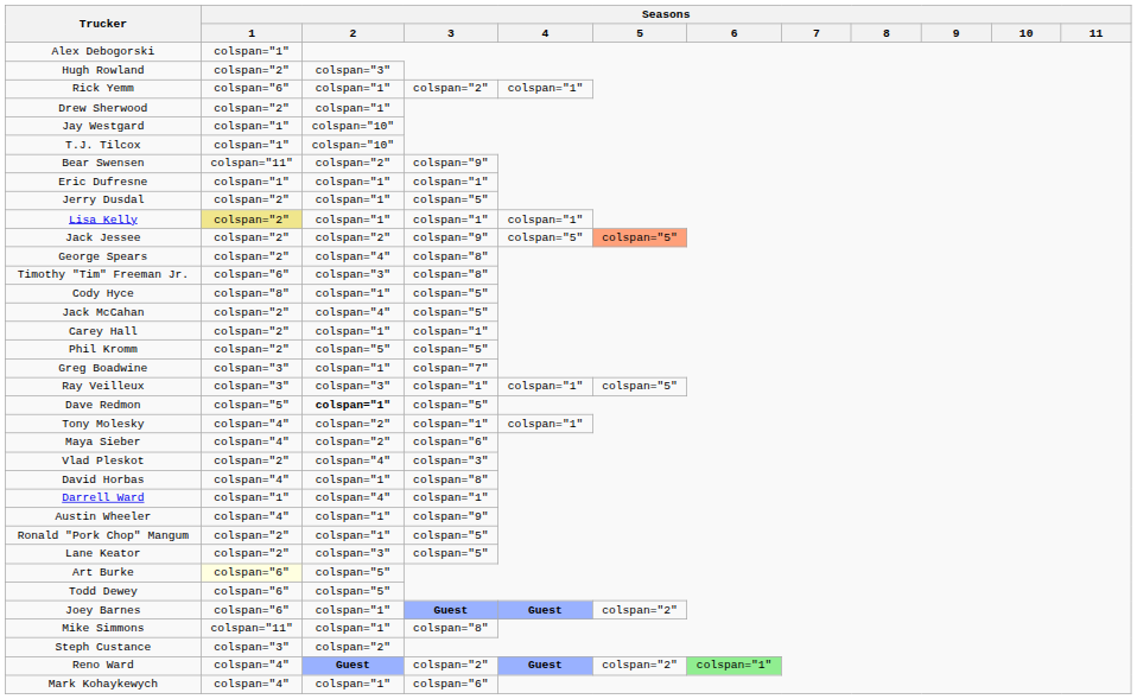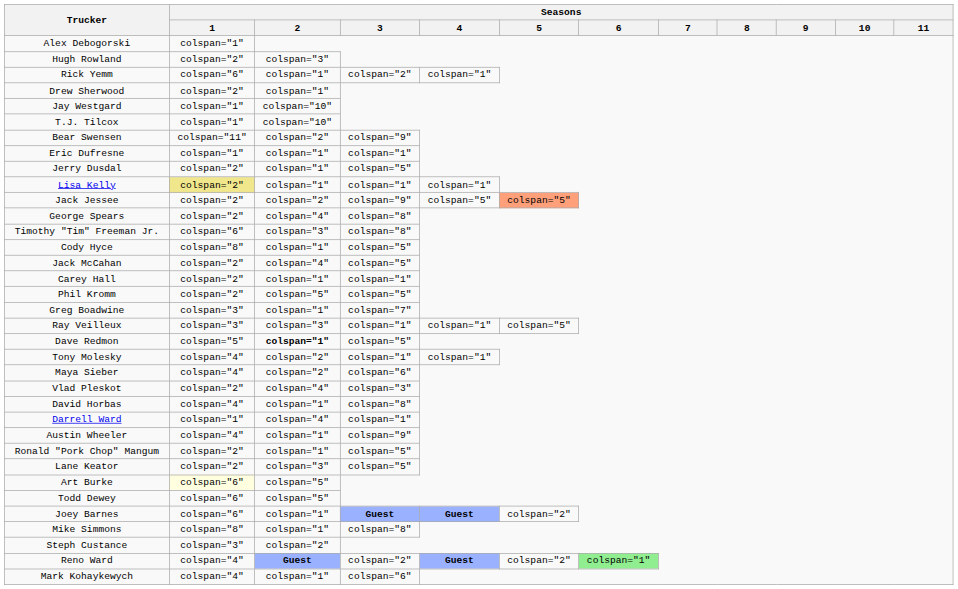 <table class="wikitable plainrowheaders" style="text-align:center; width:81%;">
 <tr>
 <th scope="col" rowspan="2" style="width:14%;">Trucker</th>
 <th scope="col" colspan="11" style="width:35%;">Seasons</th>
 </tr>
 <tr>
 <th scope="col" style="width:5%;">1</th>
 <th scope="col" style="width:5%;">2</th>
 <th scope="col" style="width:5%;">3</th>
 <th scope="col" style="width:5%;">4</th>
 <th scope="col" style="width:5%;">5</th>
 <th scope="col" style="width:5%;">6</th>
 <th scope="col" style="width:5%;">7</th>
 <th scope="col" style="width:5%;">8</th>
 <th scope="col" style="width:5%;">9</th>
 <th scope="col" style="width:5%;">10</th>
 <th scope="col" style="width:5%;">11</th>
 </tr>
 <tr>
 <td>Alex Debogorski</td>
 <td>colspan="1" </td>
 </tr>
 <tr>
 <td>Hugh Rowland</td>
 <td>colspan="2" </td>
 <td>colspan="3" </td>
 </tr>
 <tr>
 <td>Rick Yemm</td>
 <td>colspan="6" </td>
 <td>colspan="1" </td>
 <td>colspan="2" </td>
 <td>colspan="1" </td>
 </tr>
 <tr>
 <td>Drew Sherwood</td>
 <td>colspan="2" </td>
 <td>colspan="1" </td>
 </tr>
 <tr>
 <td>Jay Westgard</td>
 <td>colspan="1" </td>
 <td>colspan="10" </td>
 </tr>
 <tr>
 <td>T.J. Tilcox</td>
 <td>colspan="1" </td>
 <td>colspan="10" </td>
 </tr>
 <tr>
 <td>Bear Swensen</td>
 <td>colspan="11" </td>
 <td>colspan="2" </td>
 <td>colspan="9" </td>
 </tr>
 <tr>
 <td>Eric Dufresne</td>
 <td>colspan="1" </td>
 <td>colspan="1" </td>
 <td>colspan="1" </td>
 </tr>
 <tr>
 <td>Jerry Dusdal</td>
 <td>colspan="2" </td>
 <td>colspan="1" </td>
 <td>colspan="5" </td>
 </tr>
 <tr>
 <td><a href='#'>Lisa Kelly</a></td>
 <td style="background: khaki;">colspan="2" </td>
 <td>colspan="1" </td>
 <td>colspan="1" </td>
 <td>colspan="1" </td>
 </tr>
 <tr>
 <td>Jack Jessee</td>
 <td>colspan="2" </td>
 <td>colspan="2" </td>
 <td>colspan="9"  </td>
 <td>colspan="5" </td>
 <td style="background: lightsalmon;">colspan="5" </td>
 </tr>
 <tr>
 <td>George Spears</td>
 <td>colspan="2" </td>
 <td>colspan="4" </td>
 <td>colspan="8" </td>
 </tr>
 <tr>
 <td>Timothy "Tim" Freeman Jr.</td>
 <td>colspan="6" </td>
 <td>colspan="3" </td>
 <td>colspan="8" </td>
 </tr>
 <tr>
 <td>Cody Hyce</td>
 <td>colspan="8" </td>
 <td>colspan="1" </td>
 <td>colspan="5" </td>
 </tr>
 <tr>
 <td>Jack McCahan</td>
 <td>colspan="2" </td>
 <td>colspan="4" </td>
 <td>colspan="5" </td>
 </tr>
 <tr>
 <td>Carey Hall</td>
 <td>colspan="2" </td>
 <td>colspan="1" </td>
 <td>colspan="1" </td>
 </tr>
 <tr>
 <td>Phil Kromm</td>
 <td>colspan="2" </td>
 <td>colspan="5" </td>
 <td>colspan="5" </td>
 </tr>
 <tr>
 <td>Greg Boadwine</td>
 <td>colspan="3" </td>
 <td>colspan="1" </td>
 <td>colspan="7" </td>
 </tr>
 <tr>
 <td>Ray Veilleux</td>
 <td>colspan="3" </td>
 <td>colspan="3" </td>
 <td>colspan="1" </td>
 <td>colspan="1" </td>
 <td>colspan="5" </td>
 </tr>
 <tr>
 <td>Dave Redmon</td>
 <td>colspan="5" </td>
 <td><strong>colspan="1" </strong></td>
 <td>colspan="5" </td>
 </tr>
 <tr>
 <td>Tony Molesky</td>
 <td>colspan="4" </td>
 <td>colspan="2" </td>
 <td>colspan="1" </td>
 <td>colspan="1" </td>
 </tr>
 <tr>
 <td>Maya Sieber</td>
 <td>colspan="4" </td>
 <td>colspan="2" </td>
 <td>colspan="6" </td>
 </tr>
 <tr>
 <td>Vlad Pleskot</td>
 <td>colspan="2" </td>
 <td>colspan="4" </td>
 <td>colspan="3" </td>
 </tr>
 <tr>
 <td>David Horbas</td>
 <td>colspan="4" </td>
 <td>colspan="1" </td>
 <td>colspan="8" </td>
 </tr>
 <tr>
 <td><a href='#'>Darrell Ward</a></td>
 <td>colspan="1" </td>
 <td>colspan="4" </td>
 <td>colspan="1" </td>
 </tr>
 <tr>
 <td>Austin Wheeler</td>
 <td>colspan="4" </td>
 <td>colspan="1" </td>
 <td>colspan="9"  </td>
 </tr>
 <tr>
 <td>Ronald "Pork Chop" Mangum</td>
 <td>colspan="2" </td>
 <td>colspan="1" </td>
 <td>colspan="5" </td>
 </tr>
 <tr>
 <td>Lane Keator</td>
 <td>colspan="2" </td>
 <td>colspan="3" </td>
 <td>colspan="5" </td>
 </tr>
 <tr>
 <td>Art Burke</td>
 <td style="background: lightyellow;">colspan="6" </td>
 <td>colspan="5" </td>
 </tr>
 <tr>
 <td>Todd Dewey</td>
 <td>colspan="6" </td>
 <td>colspan="5" </td>
 </tr>
 <tr>
 <td>Joey Barnes</td>
 <td>colspan="6" </td>
 <td>colspan="1" </td>
 <th style="background:#99b1ff" align="center">Guest</th>
 <th style="background:#99b1ff" align="center">Guest</th>
 <td>colspan="2" </td>
 </tr>
 <tr>
 <td>Mike Simmons</td>
-<td>colspan="11" </td>
+<td>colspan="8" </td>
 <td>colspan="1" </td>
 <td>colspan="8" </td>
 </tr>
 <tr>
 <td>Steph Custance</td>
 <td>colspan="3" </td>
 <td>colspan="2" </td>
 </tr>
 <tr>
 <td>Reno Ward</td>
 <td>colspan="4" </td>
 <th style="background:#99b1ff" align="center">Guest</th>
 <td>colspan="2" </td>
 <th style="background:#99b1ff" align="center">Guest</th>
 <td>colspan="2" </td>
 <td style="background: lightgreen;">colspan="1" </td>
 </tr>
 <tr>
 <td>Mark Kohaykewych</td>
 <td>colspan="4" </td>
 <td>colspan="1" </td>
 <td>colspan="6" </td>
 </tr>
 </table>
